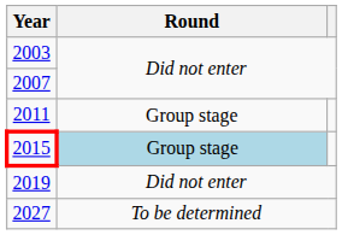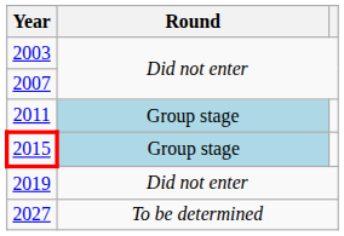 <table class="wikitable" style="text-align: center; font-size:90%">
 <tr>
 <th>Year</th>
 <th style="width:200px">Round</th>
 <th></th>
 </tr>
 <tr>
 <td><a href='#'>2003</a></td>
 <td colspan="2" rowspan="2"><em>Did not enter</em></td>
 </tr>
 <tr>
 <td><a href='#'>2007</a></td>
 </tr>
 <tr>
 <td><a href='#'>2011</a></td>
-<td>Group stage</td>
+<td style="background: lightblue;">Group stage</td>
 <td></td>
 </tr>
 <tr>
 <td style="border: 3px solid red"><a href='#'>2015</a></td>
 <td style="background: lightblue;">Group stage</td>
 <td></td>
 </tr>
 <tr>
 <td><a href='#'>2019</a></td>
 <td colspan="2"><em>Did not enter</em></td>
 </tr>
 <tr>
 <td><a href='#'>2027</a></td>
 <td colspan="2"><em>To be determined</em></td>
 </tr>
 </table>
